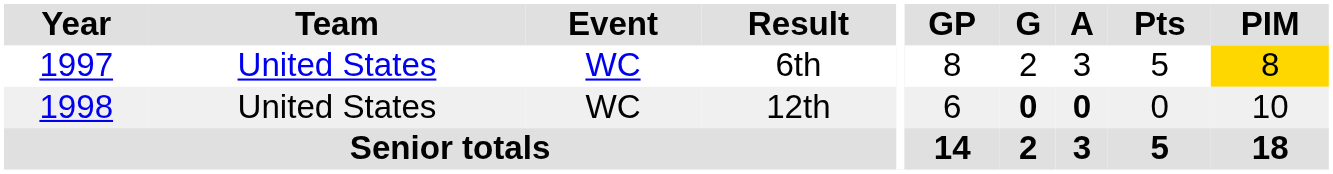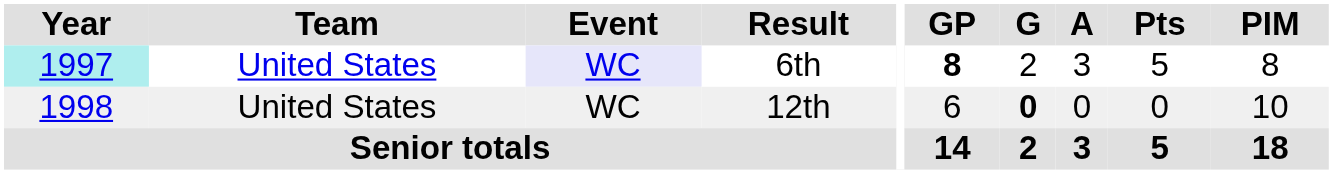 <table border="0" cellpadding="1" cellspacing="0" ID="Table3" style="text-align:center; width:40em">
 <tr ALIGN="center" bgcolor="#e0e0e0">
 <th>Year</th>
 <th>Team</th>
 <th>Event</th>
 <th>Result</th>
 <th rowspan="99" bgcolor="#ffffff"></th>
 <th>GP</th>
 <th>G</th>
 <th>A</th>
 <th>Pts</th>
 <th>PIM</th>
 </tr>
 <tr>
-<td><a href='#'>1997</a></td>
+<td style="background: paleturquoise;"><a href='#'>1997</a></td>
 <td><a href='#'>United States</a></td>
-<td><a href='#'>WC</a></td>
+<td style="background: lavender;"><a href='#'>WC</a></td>
 <td>6th</td>
-<td>8</td>
+<td><strong>8</strong></td>
 <td>2</td>
 <td>3</td>
 <td>5</td>
-<td style="background: gold;">8</td>
+<td>8</td>
 </tr>
 <tr bgcolor="#f0f0f0">
 <td><a href='#'>1998</a></td>
 <td>United States</td>
 <td>WC</td>
 <td>12th</td>
 <td>6</td>
 <td><strong>0</strong></td>
-<td><strong>0</strong></td>
+<td>0</td>
 <td>0</td>
 <td>10</td>
 </tr>
 <tr style="background:#e0e0e0; font-weight:bold">
 <td colspan=4>Senior totals</td>
 <td>14</td>
 <td>2</td>
 <td>3</td>
 <td>5</td>
 <td>18</td>
 </tr>
 </table>
